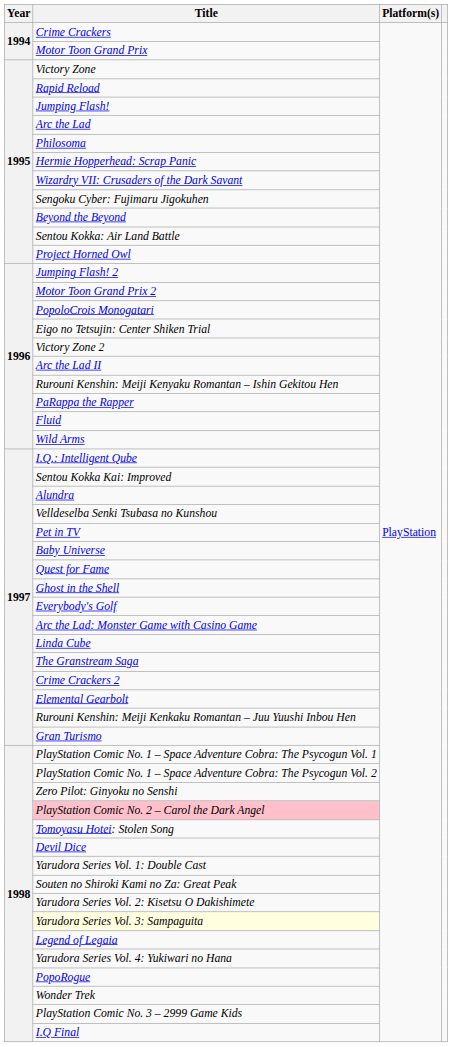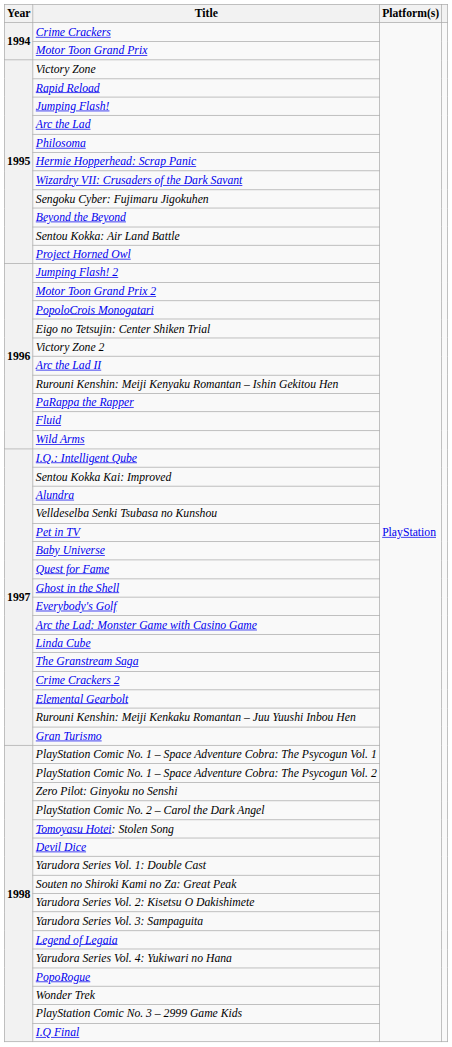 <table class="wikitable sortable plainrowheaders">
 <tr>
 <th scope="col">Year</th>
 <th scope="col">Title</th>
 <th scope="col">Platform(s)</th>
 <th scope="col"></th>
 </tr>
 <tr>
 <th rowspan="2" scope="row">1994</th>
 <td><em><a href='#'>Crime Crackers</a></em></td>
 <td rowspan="55"><a href='#'>PlayStation</a></td>
 <td rowspan="55"></td>
 </tr>
 <tr>
 <td><em><a href='#'>Motor Toon Grand Prix</a></em></td>
 </tr>
 <tr>
 <th scope="row" rowspan="11">1995</th>
 <td><em>Victory Zone</em></td>
 </tr>
 <tr>
 <td><em><a href='#'>Rapid Reload</a></em></td>
 </tr>
 <tr>
 <td><em><a href='#'>Jumping Flash!</a></em></td>
 </tr>
 <tr>
 <td><em><a href='#'>Arc the Lad</a></em></td>
 </tr>
 <tr>
 <td><em><a href='#'>Philosoma</a></em></td>
 </tr>
 <tr>
 <td><em><a href='#'>Hermie Hopperhead: Scrap Panic</a></em></td>
 </tr>
 <tr>
 <td><em><a href='#'>Wizardry VII: Crusaders of the Dark Savant</a></em></td>
 </tr>
 <tr>
 <td><em>Sengoku Cyber: Fujimaru Jigokuhen</em></td>
 </tr>
 <tr>
 <td><em><a href='#'>Beyond the Beyond</a></em></td>
 </tr>
 <tr>
 <td><em>Sentou Kokka: Air Land Battle</em></td>
 </tr>
 <tr>
 <td><em><a href='#'>Project Horned Owl</a></em></td>
 </tr>
 <tr>
 <th rowspan="10" scope="row">1996</th>
 <td><em><a href='#'>Jumping Flash! 2</a></em></td>
 </tr>
 <tr>
 <td><em><a href='#'>Motor Toon Grand Prix 2</a></em></td>
 </tr>
 <tr>
 <td><em><a href='#'>PopoloCrois Monogatari</a></em></td>
 </tr>
 <tr>
 <td><em>Eigo no Tetsujin: Center Shiken Trial</em></td>
 </tr>
 <tr>
 <td><em>Victory Zone 2</em></td>
 </tr>
 <tr>
 <td><em><a href='#'>Arc the Lad II</a></em></td>
 </tr>
 <tr>
 <td><em>Rurouni Kenshin: Meiji Kenyaku Romantan – Ishin Gekitou Hen</em></td>
 </tr>
 <tr>
 <td><em><a href='#'>PaRappa the Rapper</a></em></td>
 </tr>
 <tr>
 <td><em><a href='#'>Fluid</a></em></td>
 </tr>
 <tr>
 <td><em><a href='#'>Wild Arms</a></em></td>
 </tr>
 <tr>
 <th rowspan="16" scope="row">1997</th>
 <td><em><a href='#'>I.Q.: Intelligent Qube</a></em></td>
 </tr>
 <tr>
 <td><em>Sentou Kokka Kai: Improved</em></td>
 </tr>
 <tr>
 <td><em><a href='#'>Alundra</a></em></td>
 </tr>
 <tr>
 <td><em>Velldeselba Senki Tsubasa no Kunshou</em></td>
 </tr>
 <tr>
 <td><em><a href='#'>Pet in TV</a></em></td>
 </tr>
 <tr>
 <td><em><a href='#'>Baby Universe</a></em></td>
 </tr>
 <tr>
 <td><em><a href='#'>Quest for Fame</a></em></td>
 </tr>
 <tr>
 <td><em><a href='#'>Ghost in the Shell</a></em></td>
 </tr>
 <tr>
 <td><em><a href='#'>Everybody's Golf</a></em></td>
 </tr>
 <tr>
 <td><em><a href='#'>Arc the Lad: Monster Game with Casino Game</a></em></td>
 </tr>
 <tr>
 <td><em><a href='#'>Linda Cube</a></em></td>
 </tr>
 <tr>
 <td><em><a href='#'>The Granstream Saga</a></em></td>
 </tr>
 <tr>
 <td><em><a href='#'>Crime Crackers 2</a></em></td>
 </tr>
 <tr>
 <td><em><a href='#'>Elemental Gearbolt</a></em></td>
 </tr>
 <tr>
 <td><em>Rurouni Kenshin: Meiji Kenkaku Romantan – Juu Yuushi Inbou Hen</em></td>
 </tr>
 <tr>
 <td><em><a href='#'>Gran Turismo</a></em></td>
 </tr>
 <tr>
 <th scope="row" rowspan="16">1998</th>
 <td><em>PlayStation Comic No. 1 – Space Adventure Cobra: The Psycogun Vol. 1</em></td>
 </tr>
 <tr>
 <td><em>PlayStation Comic No. 1 – Space Adventure Cobra: The Psycogun Vol. 2</em></td>
 </tr>
 <tr>
 <td><em>Zero Pilot: Ginyoku no Senshi</em></td>
 </tr>
 <tr>
-<td style="background: pink;"><em>PlayStation Comic No. 2 – Carol the Dark Angel</em></td>
+<td><em>PlayStation Comic No. 2 – Carol the Dark Angel</em></td>
 </tr>
 <tr>
 <td><em><a href='#'>Tomoyasu Hotei</a>: Stolen Song</em></td>
 </tr>
 <tr>
 <td><em><a href='#'>Devil Dice</a></em></td>
 </tr>
 <tr>
 <td><em>Yarudora Series Vol. 1: Double Cast</em></td>
 </tr>
 <tr>
 <td><em>Souten no Shiroki Kami no Za: Great Peak</em></td>
 </tr>
 <tr>
 <td><em>Yarudora Series Vol. 2: Kisetsu O Dakishimete</em></td>
 </tr>
 <tr>
-<td style="background: lightyellow;"><em>Yarudora Series Vol. 3: Sampaguita</em></td>
+<td><em>Yarudora Series Vol. 3: Sampaguita</em></td>
 </tr>
 <tr>
 <td><em><a href='#'>Legend of Legaia</a></em></td>
 </tr>
 <tr>
 <td><em>Yarudora Series Vol. 4: Yukiwari no Hana</em></td>
 </tr>
 <tr>
 <td><em><a href='#'>PopoRogue</a></em></td>
 </tr>
 <tr>
 <td><em>Wonder Trek</em></td>
 </tr>
 <tr>
 <td><em>PlayStation Comic No. 3 – 2999 Game Kids</em></td>
 </tr>
 <tr>
 <td><em><a href='#'>I.Q Final</a></em></td>
 </tr>
 </table>
